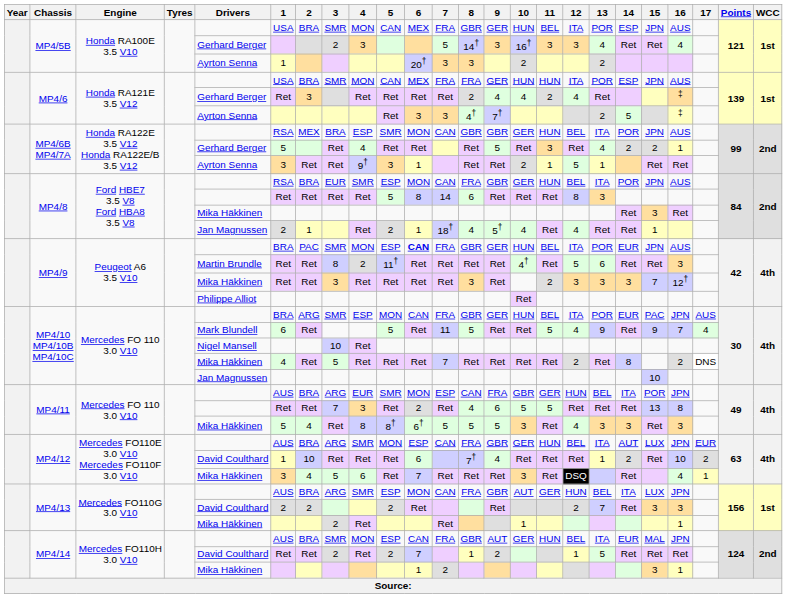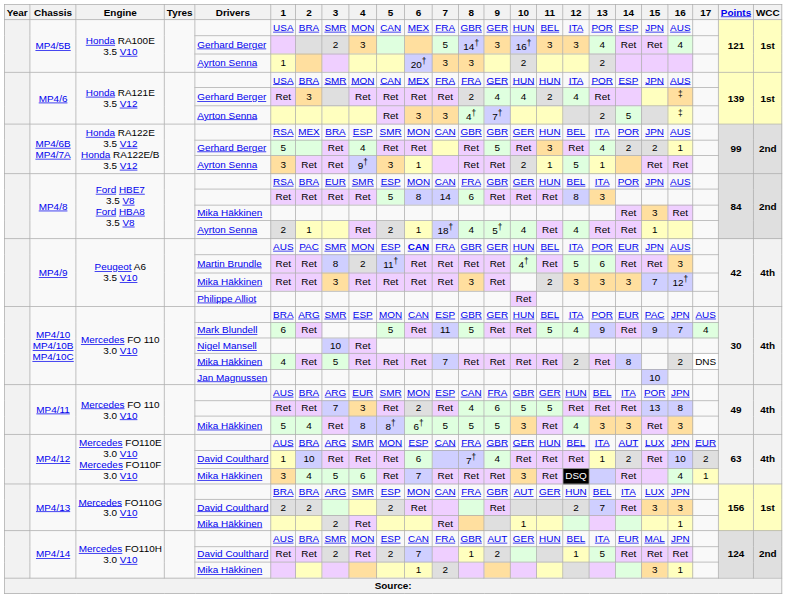 <table class="wikitable" style="text-align:center; font-size:85%">
 <tr>
 <th>Year</th>
 <th>Chassis</th>
 <th>Engine</th>
 <th>Tyres</th>
 <th>Drivers</th>
 <th>1</th>
 <th>2</th>
 <th>3</th>
 <th>4</th>
 <th>5</th>
 <th>6</th>
 <th>7</th>
 <th>8</th>
 <th>9</th>
 <th>10</th>
 <th>11</th>
 <th>12</th>
 <th>13</th>
 <th>14</th>
 <th>15</th>
 <th>16</th>
 <th>17</th>
 <th><a href='#'>Points</a></th>
 <th>WCC</th>
 </tr>
 <tr>
 <th rowspan=3></th>
 <td rowspan=3><a href='#'>MP4/5B</a></td>
 <td rowspan=3><a href='#'>Honda</a> RA100E<br>3.5 <a href='#'>V10</a></td>
 <td rowspan=3></td>
 <td></td>
 <td><a href='#'>USA</a></td>
 <td><a href='#'>BRA</a></td>
 <td><a href='#'>SMR</a></td>
 <td><a href='#'>MON</a></td>
 <td><a href='#'>CAN</a></td>
 <td><a href='#'>MEX</a></td>
 <td><a href='#'>FRA</a></td>
 <td><a href='#'>GBR</a></td>
 <td><a href='#'>GER</a></td>
 <td><a href='#'>HUN</a></td>
 <td><a href='#'>BEL</a></td>
 <td><a href='#'>ITA</a></td>
 <td><a href='#'>POR</a></td>
 <td><a href='#'>ESP</a></td>
 <td><a href='#'>JPN</a></td>
 <td><a href='#'>AUS</a></td>
 <td></td>
 <td rowspan=3 style="background:#ffffbf"><strong>121</strong></td>
 <td rowspan=3 style="background:#ffffbf"><strong>1st</strong></td>
 </tr>
 <tr>
 <td align="left"> <a href='#'>Gerhard Berger</a></td>
 <td style="background:#efcfff"></td>
 <td style="background:#dfdfdf"></td>
 <td style="background:#dfdfdf">2</td>
 <td style="background:#ffdf9f">3</td>
 <td style="background:#dfffdf"></td>
 <td style="background:#ffdf9f"></td>
 <td style="background:#dfffdf">5</td>
 <td style="background:#cfcfff">14<sup>†</sup></td>
 <td style="background:#ffdf9f">3</td>
 <td style="background:#cfcfff">16<sup>†</sup></td>
 <td style="background:#ffdf9f">3</td>
 <td style="background:#ffdf9f">3</td>
 <td style="background:#dfffdf">4</td>
 <td style="background:#efcfff">Ret</td>
 <td style="background:#efcfff">Ret</td>
 <td style="background:#dfffdf">4</td>
 <td></td>
 </tr>
 <tr>
 <td align="left"> <a href='#'>Ayrton Senna</a></td>
 <td style="background:#ffffbf">1</td>
 <td style="background:#ffdf9f"></td>
 <td style="background:#efcfff"></td>
 <td style="background:#ffffbf"></td>
 <td style="background:#ffffbf"></td>
 <td style="background:#cfcfff">20<sup>†</sup></td>
 <td style="background:#ffdf9f">3</td>
 <td style="background:#ffdf9f">3</td>
 <td style="background:#ffffbf"></td>
 <td style="background:#dfdfdf">2</td>
 <td style="background:#ffffbf"></td>
 <td style="background:#ffffbf"></td>
 <td style="background:#dfdfdf">2</td>
 <td style="background:#efcfff"></td>
 <td style="background:#efcfff"></td>
 <td style="background:#efcfff"></td>
 <td></td>
 </tr>
 <tr>
 <th rowspan=3></th>
 <td rowspan=3><a href='#'>MP4/6</a></td>
 <td rowspan=3><a href='#'>Honda</a> RA121E<br>3.5 <a href='#'>V12</a></td>
 <td rowspan=3></td>
 <td></td>
 <td><a href='#'>USA</a></td>
 <td><a href='#'>BRA</a></td>
 <td><a href='#'>SMR</a></td>
 <td><a href='#'>MON</a></td>
 <td><a href='#'>CAN</a></td>
 <td><a href='#'>MEX</a></td>
 <td><a href='#'>FRA</a></td>
 <td><a href='#'>FRA</a></td>
 <td><a href='#'>GER</a></td>
 <td><a href='#'>HUN</a></td>
 <td><a href='#'>HUN</a></td>
 <td><a href='#'>ITA</a></td>
 <td><a href='#'>POR</a></td>
 <td><a href='#'>ESP</a></td>
 <td><a href='#'>JPN</a></td>
 <td><a href='#'>AUS</a></td>
 <td></td>
 <td rowspan=3 style="background:#ffffbf"><strong>139</strong></td>
 <td rowspan=3 style="background:#ffffbf"><strong>1st</strong></td>
 </tr>
 <tr>
 <td align="left"> <a href='#'>Gerhard Berger</a></td>
 <td style="background:#efcfff">Ret</td>
 <td style="background:#ffdf9f">3</td>
 <td style="background:#dfdfdf"></td>
 <td style="background:#efcfff">Ret</td>
 <td style="background:#efcfff">Ret</td>
 <td style="background:#efcfff">Ret</td>
 <td style="background:#efcfff">Ret</td>
 <td style="background:#dfdfdf">2</td>
 <td style="background:#dfffdf">4</td>
 <td style="background:#dfffdf">4</td>
 <td style="background:#dfdfdf">2</td>
 <td style="background:#dfffdf">4</td>
 <td style="background:#efcfff">Ret</td>
 <td style="background:#efcfff"></td>
 <td style="background:#ffffbf"></td>
 <td style="background:#ffdf9f"><sup>‡</sup></td>
 <td></td>
 </tr>
 <tr>
 <td align="left"> <a href='#'>Ayrton Senna</a></td>
 <td style="background:#ffffbf"></td>
 <td style="background:#ffffbf"></td>
 <td style="background:#ffffbf"></td>
 <td style="background:#ffffbf"></td>
 <td style="background:#efcfff">Ret</td>
 <td style="background:#ffdf9f">3</td>
 <td style="background:#ffdf9f">3</td>
 <td style="background:#dfffdf">4<sup>†</sup></td>
 <td style="background:#cfcfff">7<sup>†</sup></td>
 <td style="background:#ffffbf"></td>
 <td style="background:#ffffbf"></td>
 <td style="background:#dfdfdf"></td>
 <td style="background:#dfdfdf">2</td>
 <td style="background:#dfffdf">5</td>
 <td style="background:#dfdfdf"></td>
 <td style="background:#ffffbf"><sup>‡</sup></td>
 <td></td>
 </tr>
 <tr>
 <th rowspan=3></th>
 <td rowspan=3><a href='#'>MP4/6B</a><br><a href='#'>MP4/7A</a></td>
 <td rowspan=3><a href='#'>Honda</a> RA122E<br>3.5 <a href='#'>V12</a><br><a href='#'>Honda</a> RA122E/B<br>3.5 <a href='#'>V12</a></td>
 <td rowspan=3></td>
 <td></td>
 <td><a href='#'>RSA</a></td>
 <td><a href='#'>MEX</a></td>
 <td><a href='#'>BRA</a></td>
 <td><a href='#'>ESP</a></td>
 <td><a href='#'>SMR</a></td>
 <td><a href='#'>MON</a></td>
 <td><a href='#'>CAN</a></td>
 <td><a href='#'>GBR</a></td>
 <td><a href='#'>GBR</a></td>
 <td><a href='#'>GER</a></td>
 <td><a href='#'>HUN</a></td>
 <td><a href='#'>BEL</a></td>
 <td><a href='#'>ITA</a></td>
 <td><a href='#'>POR</a></td>
 <td><a href='#'>JPN</a></td>
 <td><a href='#'>AUS</a></td>
 <td></td>
 <td rowspan=3 style="background:#dfdfdf"><strong>99</strong></td>
 <td rowspan=3 style="background:#dfdfdf"><strong>2nd</strong></td>
 </tr>
 <tr>
 <td align="left"> <a href='#'>Gerhard Berger</a></td>
 <td style="background:#dfffdf">5</td>
 <td style="background:#dfffdf"></td>
 <td style="background:#efcfff">Ret</td>
 <td style="background:#dfffdf">4</td>
 <td style="background:#efcfff">Ret</td>
 <td style="background:#efcfff">Ret</td>
 <td style="background:#ffffbf"></td>
 <td style="background:#efcfff">Ret</td>
 <td style="background:#dfffdf">5</td>
 <td style="background:#efcfff">Ret</td>
 <td style="background:#ffdf9f">3</td>
 <td style="background:#efcfff">Ret</td>
 <td style="background:#dfffdf">4</td>
 <td style="background:#dfdfdf">2</td>
 <td style="background:#dfdfdf">2</td>
 <td style="background:#ffffbf">1</td>
 <td></td>
 </tr>
 <tr>
 <td align="left"> <a href='#'>Ayrton Senna</a></td>
 <td style="background:#ffdf9f">3</td>
 <td style="background:#efcfff">Ret</td>
 <td style="background:#efcfff">Ret</td>
 <td style="background:#cfcfff">9<sup>†</sup></td>
 <td style="background:#ffdf9f">3</td>
 <td style="background:#ffffbf">1</td>
 <td style="background:#efcfff"></td>
 <td style="background:#efcfff">Ret</td>
 <td style="background:#efcfff">Ret</td>
 <td style="background:#dfdfdf">2</td>
 <td style="background:#ffffbf">1</td>
 <td style="background:#dfffdf">5</td>
 <td style="background:#ffffbf">1</td>
 <td style="background:#ffdf9f"></td>
 <td style="background:#efcfff">Ret</td>
 <td style="background:#efcfff">Ret</td>
 <td></td>
 </tr>
 <tr>
 <th rowspan=4></th>
 <td rowspan=4><a href='#'>MP4/8</a></td>
 <td rowspan=4><a href='#'>Ford</a> <a href='#'>HBE7</a><br>3.5 <a href='#'>V8</a><br><a href='#'>Ford</a> <a href='#'>HBA8</a><br>3.5 <a href='#'>V8</a></td>
 <td rowspan=4></td>
 <td></td>
 <td><a href='#'>RSA</a></td>
 <td><a href='#'>BRA</a></td>
 <td><a href='#'>EUR</a></td>
 <td><a href='#'>SMR</a></td>
 <td><a href='#'>ESP</a></td>
 <td><a href='#'>MON</a></td>
 <td><a href='#'>CAN</a></td>
 <td><a href='#'>FRA</a></td>
 <td><a href='#'>GBR</a></td>
 <td><a href='#'>GER</a></td>
 <td><a href='#'>HUN</a></td>
 <td><a href='#'>BEL</a></td>
 <td><a href='#'>ITA</a></td>
 <td><a href='#'>POR</a></td>
 <td><a href='#'>JPN</a></td>
 <td><a href='#'>AUS</a></td>
 <td></td>
 <td rowspan=4 style="background:#dfdfdf"><strong>84</strong></td>
 <td rowspan=4 style="background:#dfdfdf"><strong>2nd</strong></td>
 </tr>
 <tr>
 <td align="left"></td>
 <td style="background:#efcfff">Ret</td>
 <td style="background:#efcfff">Ret</td>
 <td style="background:#efcfff">Ret</td>
 <td style="background:#efcfff">Ret</td>
 <td style="background:#dfffdf">5</td>
 <td style="background:#cfcfff">8</td>
 <td style="background:#cfcfff">14</td>
 <td style="background:#dfffdf">6</td>
 <td style="background:#efcfff">Ret</td>
 <td style="background:#efcfff">Ret</td>
 <td style="background:#efcfff">Ret</td>
 <td style="background:#cfcfff">8</td>
 <td style="background:#ffdf9f">3</td>
 <td></td>
 <td></td>
 <td></td>
 <td></td>
 </tr>
 <tr>
 <td align="left"> <a href='#'>Mika Häkkinen</a></td>
 <td></td>
 <td></td>
 <td></td>
 <td></td>
 <td></td>
 <td></td>
 <td></td>
 <td></td>
 <td></td>
 <td></td>
 <td></td>
 <td></td>
 <td></td>
 <td style="background:#efcfff">Ret</td>
 <td style="background:#ffdf9f">3</td>
 <td style="background:#efcfff">Ret</td>
 <td></td>
 </tr>
 <tr>
-<td align="left"> <a href='#'>Jan Magnussen</a></td>
+<td align="left"> <a href='#'>Ayrton Senna</a></td>
 <td style="background:#dfdfdf">2</td>
 <td style="background:#ffffbf">1</td>
 <td style="background:#ffffbf"></td>
 <td style="background:#efcfff">Ret</td>
 <td style="background:#dfdfdf">2</td>
 <td style="background:#ffffbf">1</td>
 <td style="background:#cfcfff">18<sup>†</sup></td>
 <td style="background:#dfffdf">4</td>
 <td style="background:#dfffdf">5<sup>†</sup></td>
 <td style="background:#dfffdf">4</td>
 <td style="background:#efcfff">Ret</td>
 <td style="background:#dfffdf">4</td>
 <td style="background:#efcfff">Ret</td>
 <td style="background:#efcfff">Ret</td>
 <td style="background:#ffffbf">1</td>
 <td style="background:#ffffbf"></td>
 <td></td>
 </tr>
 <tr>
 <th rowspan=4></th>
 <td rowspan=4><a href='#'>MP4/9</a></td>
 <td rowspan=4><a href='#'>Peugeot</a> A6<br>3.5 <a href='#'>V10</a></td>
 <td rowspan=4></td>
 <td></td>
-<td><a href='#'>BRA</a></td>
+<td><a href='#'>AUS</a></td>
 <td><a href='#'>PAC</a></td>
 <td><a href='#'>SMR</a></td>
 <td><a href='#'>MON</a></td>
 <td><a href='#'>ESP</a></td>
 <td><strong><a href='#'>CAN</a></strong></td>
 <td><a href='#'>FRA</a></td>
 <td><a href='#'>GBR</a></td>
 <td><a href='#'>GER</a></td>
 <td><a href='#'>HUN</a></td>
 <td><a href='#'>BEL</a></td>
 <td><a href='#'>ITA</a></td>
 <td><a href='#'>POR</a></td>
 <td><a href='#'>EUR</a></td>
 <td><a href='#'>JPN</a></td>
 <td><a href='#'>AUS</a></td>
 <td></td>
 <th rowspan=4>42</th>
 <th rowspan=4>4th</th>
 </tr>
 <tr>
 <td align="left"> <a href='#'>Martin Brundle</a></td>
 <td style="background:#efcfff">Ret</td>
 <td style="background:#efcfff">Ret</td>
 <td style="background:#cfcfff">8</td>
 <td style="background:#dfdfdf">2</td>
 <td style="background:#cfcfff">11<sup>†</sup></td>
 <td style="background:#efcfff">Ret</td>
 <td style="background:#efcfff">Ret</td>
 <td style="background:#efcfff">Ret</td>
 <td style="background:#efcfff">Ret</td>
 <td style="background:#dfffdf">4<sup>†</sup></td>
 <td style="background:#efcfff">Ret</td>
 <td style="background:#dfffdf">5</td>
 <td style="background:#dfffdf">6</td>
 <td style="background:#efcfff">Ret</td>
 <td style="background:#efcfff">Ret</td>
 <td style="background:#ffdf9f">3</td>
 <td></td>
 </tr>
 <tr>
 <td align="left"> <a href='#'>Mika Häkkinen</a></td>
 <td style="background:#efcfff">Ret</td>
 <td style="background:#efcfff">Ret</td>
 <td style="background:#ffdf9f">3</td>
 <td style="background:#efcfff">Ret</td>
 <td style="background:#efcfff">Ret</td>
 <td style="background:#efcfff">Ret</td>
 <td style="background:#efcfff">Ret</td>
 <td style="background:#ffdf9f">3</td>
 <td style="background:#efcfff">Ret</td>
 <td></td>
 <td style="background:#dfdfdf">2</td>
 <td style="background:#ffdf9f">3</td>
 <td style="background:#ffdf9f">3</td>
 <td style="background:#ffdf9f">3</td>
 <td style="background:#cfcfff">7</td>
 <td style="background:#cfcfff">12<sup>†</sup></td>
 <td></td>
 </tr>
 <tr>
 <td align="left"> <a href='#'>Philippe Alliot</a></td>
 <td></td>
 <td></td>
 <td></td>
 <td></td>
 <td></td>
 <td></td>
 <td></td>
 <td></td>
 <td></td>
 <td style="background:#efcfff">Ret</td>
 <td></td>
 <td></td>
 <td></td>
 <td></td>
 <td></td>
 <td></td>
 <td></td>
 </tr>
 <tr>
 <th rowspan=5></th>
 <td rowspan=5><a href='#'>MP4/10</a><br><a href='#'>MP4/10B</a><br><a href='#'>MP4/10C</a></td>
 <td rowspan=5><a href='#'>Mercedes</a> FO 110<br>3.0 <a href='#'>V10</a></td>
 <td rowspan=5></td>
 <td></td>
 <td><a href='#'>BRA</a></td>
 <td><a href='#'>ARG</a></td>
 <td><a href='#'>SMR</a></td>
 <td><a href='#'>ESP</a></td>
 <td><a href='#'>MON</a></td>
 <td><a href='#'>CAN</a></td>
-<td><a href='#'>FRA</a></td>
+<td><a href='#'>ESP</a></td>
 <td><a href='#'>GBR</a></td>
 <td><a href='#'>GER</a></td>
 <td><a href='#'>HUN</a></td>
 <td><a href='#'>BEL</a></td>
 <td><a href='#'>ITA</a></td>
 <td><a href='#'>POR</a></td>
 <td><a href='#'>EUR</a></td>
 <td><a href='#'>PAC</a></td>
 <td><a href='#'>JPN</a></td>
 <td><a href='#'>AUS</a></td>
 <th rowspan=5>30</th>
 <th rowspan=5>4th</th>
 </tr>
 <tr>
 <td align="left"> <a href='#'>Mark Blundell</a></td>
 <td style="background:#dfffdf">6</td>
 <td style="background:#efcfff">Ret</td>
 <td></td>
 <td></td>
 <td style="background:#dfffdf">5</td>
 <td style="background:#efcfff">Ret</td>
 <td style="background:#cfcfff">11</td>
 <td style="background:#dfffdf">5</td>
 <td style="background:#efcfff">Ret</td>
 <td style="background:#efcfff">Ret</td>
 <td style="background:#dfffdf">5</td>
 <td style="background:#dfffdf">4</td>
 <td style="background:#cfcfff">9</td>
 <td style="background:#efcfff">Ret</td>
 <td style="background:#cfcfff">9</td>
 <td style="background:#cfcfff">7</td>
 <td style="background:#dfffdf">4</td>
 </tr>
 <tr>
 <td align="left"> <a href='#'>Nigel Mansell</a></td>
 <td></td>
 <td></td>
 <td style="background:#cfcfff">10</td>
 <td style="background:#efcfff">Ret</td>
 <td></td>
 <td></td>
 <td></td>
 <td></td>
 <td></td>
 <td></td>
 <td></td>
 <td></td>
 <td></td>
 <td></td>
 <td></td>
 <td></td>
 <td></td>
 </tr>
 <tr>
 <td align="left"> <a href='#'>Mika Häkkinen</a></td>
 <td style="background:#dfffdf">4</td>
 <td style="background:#efcfff">Ret</td>
 <td style="background:#dfffdf">5</td>
 <td style="background:#efcfff">Ret</td>
 <td style="background:#efcfff">Ret</td>
 <td style="background:#efcfff">Ret</td>
 <td style="background:#cfcfff">7</td>
 <td style="background:#efcfff">Ret</td>
 <td style="background:#efcfff">Ret</td>
 <td style="background:#efcfff">Ret</td>
 <td style="background:#efcfff">Ret</td>
 <td style="background:#dfdfdf">2</td>
 <td style="background:#efcfff">Ret</td>
 <td style="background:#cfcfff">8</td>
 <td></td>
 <td style="background:#dfdfdf">2</td>
 <td style="background:#ffffff">DNS</td>
 </tr>
 <tr>
 <td align="left"> <a href='#'>Jan Magnussen</a></td>
 <td></td>
 <td></td>
 <td></td>
 <td></td>
 <td></td>
 <td></td>
 <td></td>
 <td></td>
 <td></td>
 <td></td>
 <td></td>
 <td></td>
 <td></td>
 <td></td>
 <td style="background:#cfcfff">10</td>
 <td></td>
 <td></td>
 </tr>
 <tr>
 <th rowspan=3></th>
 <td rowspan=3><a href='#'>MP4/11</a></td>
 <td rowspan=3><a href='#'>Mercedes</a> FO 110<br>3.0 <a href='#'>V10</a></td>
 <td rowspan=3></td>
 <td></td>
 <td><a href='#'>AUS</a></td>
 <td><a href='#'>BRA</a></td>
 <td><a href='#'>ARG</a></td>
 <td><a href='#'>EUR</a></td>
 <td><a href='#'>SMR</a></td>
 <td><a href='#'>MON</a></td>
 <td><a href='#'>ESP</a></td>
 <td><a href='#'>CAN</a></td>
 <td><a href='#'>FRA</a></td>
 <td><a href='#'>GBR</a></td>
 <td><a href='#'>GER</a></td>
 <td><a href='#'>HUN</a></td>
 <td><a href='#'>BEL</a></td>
 <td><a href='#'>ITA</a></td>
 <td><a href='#'>POR</a></td>
 <td><a href='#'>JPN</a></td>
 <td></td>
 <th rowspan=3>49</th>
 <th rowspan=3>4th</th>
 </tr>
 <tr>
 <td align="left"></td>
 <td style="background:#efcfff">Ret</td>
 <td style="background:#efcfff">Ret</td>
 <td style="background:#cfcfff">7</td>
 <td style="background:#ffdf9f">3</td>
 <td style="background:#efcfff">Ret</td>
 <td style="background:#dfdfdf">2</td>
 <td style="background:#efcfff">Ret</td>
 <td style="background:#dfffdf">4</td>
 <td style="background:#dfffdf">6</td>
 <td style="background:#dfffdf">5</td>
 <td style="background:#dfffdf">5</td>
 <td style="background:#efcfff">Ret</td>
 <td style="background:#efcfff">Ret</td>
 <td style="background:#efcfff">Ret</td>
 <td style="background:#cfcfff">13</td>
 <td style="background:#cfcfff">8</td>
 <td></td>
 </tr>
 <tr>
 <td align="left"> <a href='#'>Mika Häkkinen</a></td>
 <td style="background:#dfffdf">5</td>
 <td style="background:#dfffdf">4</td>
 <td style="background:#efcfff">Ret</td>
 <td style="background:#cfcfff">8</td>
 <td style="background:#cfcfff">8<sup>†</sup></td>
 <td style="background:#dfffdf">6<sup>†</sup></td>
 <td style="background:#dfffdf">5</td>
 <td style="background:#dfffdf">5</td>
 <td style="background:#dfffdf">5</td>
 <td style="background:#ffdf9f">3</td>
 <td style="background:#efcfff">Ret</td>
 <td style="background:#dfffdf">4</td>
 <td style="background:#ffdf9f">3</td>
 <td style="background:#ffdf9f">3</td>
 <td style="background:#efcfff">Ret</td>
 <td style="background:#ffdf9f">3</td>
 <td></td>
 </tr>
 <tr>
 <th rowspan=3></th>
 <td rowspan=3><a href='#'>MP4/12</a></td>
 <td rowspan=3><a href='#'>Mercedes</a> FO110E<br>3.0 <a href='#'>V10</a><br><a href='#'>Mercedes</a> FO110F<br>3.0 <a href='#'>V10</a></td>
 <td rowspan=3></td>
 <td></td>
 <td><a href='#'>AUS</a></td>
 <td><a href='#'>BRA</a></td>
 <td><a href='#'>ARG</a></td>
 <td><a href='#'>SMR</a></td>
 <td><a href='#'>MON</a></td>
 <td><a href='#'>ESP</a></td>
 <td><a href='#'>CAN</a></td>
 <td><a href='#'>FRA</a></td>
 <td><a href='#'>GBR</a></td>
 <td><a href='#'>GER</a></td>
 <td><a href='#'>HUN</a></td>
 <td><a href='#'>BEL</a></td>
 <td><a href='#'>ITA</a></td>
 <td><a href='#'>AUT</a></td>
 <td><a href='#'>LUX</a></td>
 <td><a href='#'>JPN</a></td>
 <td><a href='#'>EUR</a></td>
 <th rowspan=3>63</th>
 <th rowspan=3>4th</th>
 </tr>
 <tr>
 <td align="left"> <a href='#'>David Coulthard</a></td>
 <td style="background:#ffffbf">1</td>
 <td style="background:#cfcfff">10</td>
 <td style="background:#efcfff">Ret</td>
 <td style="background:#efcfff">Ret</td>
 <td style="background:#efcfff">Ret</td>
 <td style="background:#dfffdf">6</td>
 <td style="background:#cfcfff"></td>
 <td style="background:#cfcfff">7<sup>†</sup></td>
 <td style="background:#dfffdf">4</td>
 <td style="background:#efcfff">Ret</td>
 <td style="background:#efcfff">Ret</td>
 <td style="background:#efcfff">Ret</td>
 <td style="background:#ffffbf">1</td>
 <td style="background:#dfdfdf">2</td>
 <td style="background:#efcfff">Ret</td>
 <td style="background:#cfcfff">10</td>
 <td style="background:#dfdfdf">2</td>
 </tr>
 <tr>
 <td align="left"> <a href='#'>Mika Häkkinen</a></td>
 <td style="background:#ffdf9f">3</td>
 <td style="background:#dfffdf">4</td>
 <td style="background:#dfffdf">5</td>
 <td style="background:#dfffdf">6</td>
 <td style="background:#efcfff">Ret</td>
 <td style="background:#cfcfff">7</td>
 <td style="background:#efcfff">Ret</td>
 <td style="background:#efcfff">Ret</td>
 <td style="background:#efcfff">Ret</td>
 <td style="background:#ffdf9f">3</td>
 <td style="background:#efcfff">Ret</td>
 <td style="background:#000000; color:white">DSQ</td>
 <td style="background:#cfcfff"></td>
 <td style="background:#efcfff">Ret</td>
 <td style="background:#efcfff"></td>
 <td style="background:#dfffdf">4</td>
 <td style="background:#ffffbf">1</td>
 </tr>
 <tr>
 <th rowspan=3></th>
 <td rowspan=3><a href='#'>MP4/13</a></td>
 <td rowspan=3><a href='#'>Mercedes</a> FO110G<br>3.0 <a href='#'>V10</a></td>
 <td rowspan=3></td>
 <td></td>
-<td><a href='#'>AUS</a></td>
+<td><a href='#'>BRA</a></td>
 <td><a href='#'>BRA</a></td>
 <td><a href='#'>ARG</a></td>
 <td><a href='#'>SMR</a></td>
 <td><a href='#'>ESP</a></td>
 <td><a href='#'>MON</a></td>
 <td><a href='#'>CAN</a></td>
 <td><a href='#'>FRA</a></td>
 <td><a href='#'>GBR</a></td>
 <td><a href='#'>AUT</a></td>
 <td><a href='#'>GER</a></td>
 <td><a href='#'>HUN</a></td>
 <td><a href='#'>BEL</a></td>
 <td><a href='#'>ITA</a></td>
 <td><a href='#'>LUX</a></td>
 <td><a href='#'>JPN</a></td>
 <td></td>
 <td rowspan=3 style="background:#ffffbf"><strong>156</strong></td>
 <td rowspan=3 style="background:#ffffbf"><strong>1st</strong></td>
 </tr>
 <tr>
 <td align="left"> <a href='#'>David Coulthard</a></td>
 <td style="background:#dfdfdf">2</td>
 <td style="background:#dfdfdf">2</td>
 <td style="background:#dfffdf"></td>
 <td style="background:#ffffbf"></td>
 <td style="background:#dfdfdf">2</td>
 <td style="background:#efcfff">Ret</td>
 <td style="background:#efcfff"></td>
 <td style="background:#dfffdf"></td>
 <td style="background:#efcfff">Ret</td>
 <td style="background:#dfdfdf"></td>
 <td style="background:#dfdfdf"></td>
 <td style="background:#dfdfdf">2</td>
 <td style="background:#cfcfff">7</td>
 <td style="background:#efcfff">Ret</td>
 <td style="background:#ffdf9f">3</td>
 <td style="background:#ffdf9f">3</td>
 <td></td>
 </tr>
 <tr>
 <td align="left"> <a href='#'>Mika Häkkinen</a></td>
 <td style="background:#ffffbf"></td>
 <td style="background:#ffffbf"></td>
 <td style="background:#dfdfdf">2</td>
 <td style="background:#efcfff">Ret</td>
 <td style="background:#ffffbf"></td>
 <td style="background:#ffffbf"></td>
 <td style="background:#efcfff">Ret</td>
 <td style="background:#ffdf9f"></td>
 <td style="background:#dfdfdf"></td>
 <td style="background:#ffffbf">1</td>
 <td style="background:#ffffbf"></td>
 <td style="background:#dfffdf"></td>
 <td style="background:#efcfff"></td>
 <td style="background:#dfffdf"></td>
 <td style="background:#ffffbf"></td>
 <td style="background:#ffffbf">1</td>
 <td></td>
 </tr>
 <tr>
 <th rowspan=3></th>
 <td rowspan=3><a href='#'>MP4/14</a></td>
 <td rowspan=3><a href='#'>Mercedes</a> FO110H<br>3.0 <a href='#'>V10</a></td>
 <td rowspan=3></td>
 <td></td>
 <td><a href='#'>AUS</a></td>
 <td><a href='#'>BRA</a></td>
 <td><a href='#'>SMR</a></td>
 <td><a href='#'>MON</a></td>
 <td><a href='#'>ESP</a></td>
 <td><a href='#'>CAN</a></td>
 <td><a href='#'>FRA</a></td>
 <td><a href='#'>GBR</a></td>
 <td><a href='#'>AUT</a></td>
 <td><a href='#'>GER</a></td>
 <td><a href='#'>HUN</a></td>
 <td><a href='#'>BEL</a></td>
 <td><a href='#'>ITA</a></td>
 <td><a href='#'>EUR</a></td>
 <td><a href='#'>MAL</a></td>
 <td><a href='#'>JPN</a></td>
 <td></td>
 <td rowspan=3 style="background:#DFDFDF"><strong>124</strong></td>
 <td rowspan=3 style="background:#DFDFDF"><strong>2nd</strong></td>
 </tr>
 <tr>
 <td align="left"> <a href='#'>David Coulthard</a></td>
 <td style="background:#efcfff">Ret</td>
 <td style="background:#efcfff">Ret</td>
 <td style="background:#dfdfdf">2</td>
 <td style="background:#efcfff">Ret</td>
 <td style="background:#dfdfdf">2</td>
 <td style="background:#cfcfff">7</td>
 <td style="background:#efcfff"></td>
 <td style="background:#ffffbf">1</td>
 <td style="background:#dfdfdf">2</td>
 <td style="background:#dfffdf"></td>
 <td style="background:#dfdfdf"></td>
 <td style="background:#ffffbf">1</td>
 <td style="background:#dfffdf">5</td>
 <td style="background:#efcfff">Ret</td>
 <td style="background:#efcfff">Ret</td>
 <td style="background:#efcfff">Ret</td>
 <td></td>
 </tr>
 <tr>
 <td align="left"> <a href='#'>Mika Häkkinen</a></td>
 <td style="background:#efcfff"></td>
 <td style="background:#ffffbf"></td>
 <td style="background:#efcfff"></td>
 <td style="background:#ffdf9f"></td>
 <td style="background:#ffffbf"></td>
 <td style="background:#ffffbf">1</td>
 <td style="background:#dfdfdf">2</td>
 <td style="background:#efcfff"></td>
 <td style="background:#ffdf9f"></td>
 <td style="background:#efcfff"></td>
 <td style="background:#ffffbf"></td>
 <td style="background:#dfdfdf"></td>
 <td style="background:#efcfff"></td>
 <td style="background:#dfffdf"></td>
 <td style="background:#ffdf9f">3</td>
 <td style="background:#ffffbf">1</td>
 <td></td>
 </tr>
 <tr>
 <th colspan="24">Source:</th>
 </tr>
 </table>
